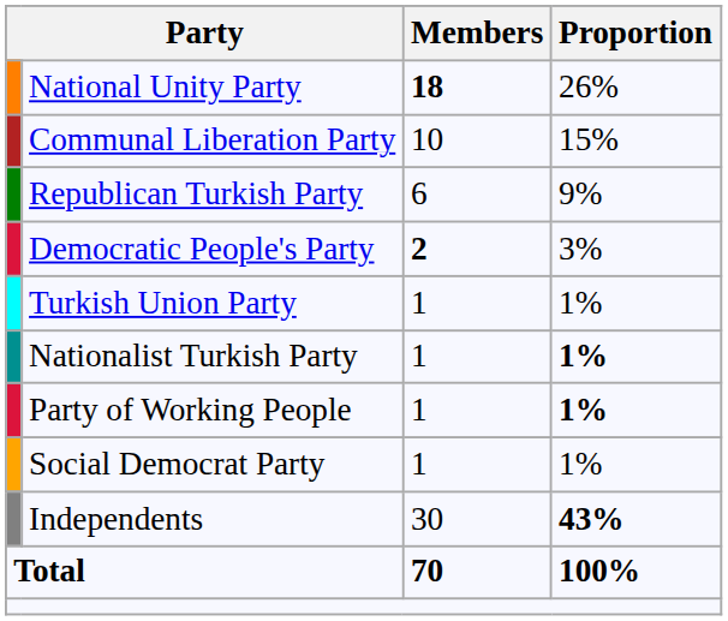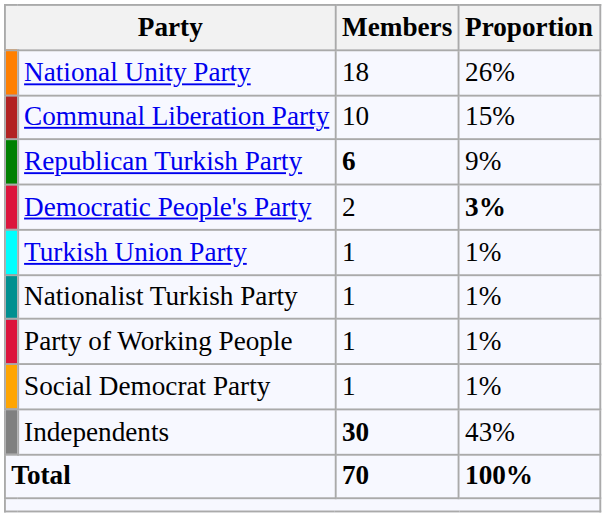 <table class=wikitable style="border:1px solid #8888aa; background-color:#f7f8ff; padding:0px; font-size:90%;">
 <tr>
 <th colspan="2">Party</th>
 <th>Members</th>
 <th>Proportion</th>
 </tr>
 <tr>
 <td style="background: #FF7F00"></td>
 <td><a href='#'>National Unity Party</a></td>
-<td><strong>18</strong></td>
+<td>18</td>
 <td>26%</td>
 </tr>
 <tr>
 <td style="background: #B22222"></td>
 <td><a href='#'>Communal Liberation Party</a></td>
 <td>10</td>
 <td>15%</td>
 </tr>
 <tr>
 <td style="background: #008000"></td>
 <td><a href='#'>Republican Turkish Party</a></td>
-<td>6</td>
+<td><strong>6</strong></td>
 <td>9%</td>
 </tr>
 <tr>
 <td style="background: #DC143C"></td>
 <td><a href='#'>Democratic People's Party</a></td>
-<td><strong>2</strong></td>
-<td>3%</td>
+<td>2</td>
+<td><strong>3%</strong></td>
 </tr>
 <tr>
 <td style="background: #00FFFF"></td>
 <td><a href='#'>Turkish Union Party</a></td>
 <td>1</td>
 <td>1%</td>
 </tr>
 <tr>
 <td style="background: #009090"></td>
 <td>Nationalist Turkish Party</td>
 <td>1</td>
-<td><strong>1%</strong></td>
+<td>1%</td>
 </tr>
 <tr>
 <td style="background: #DC143C"></td>
 <td>Party of Working People</td>
 <td>1</td>
-<td><strong>1%</strong></td>
+<td>1%</td>
 </tr>
 <tr>
 <td style="background: orange"></td>
 <td>Social Democrat Party</td>
 <td>1</td>
 <td>1%</td>
 </tr>
 <tr>
 <td style="background: gray"></td>
 <td>Independents</td>
-<td>30</td>
-<td><strong>43%</strong></td>
+<td><strong>30</strong></td>
+<td>43%</td>
 </tr>
 <tr>
 <td colspan="2"><strong>Total</strong></td>
 <td><strong>70</strong></td>
 <td><strong>100%</strong></td>
 </tr>
 <tr>
 <td colspan="7"></td>
 </tr>
 </table>
